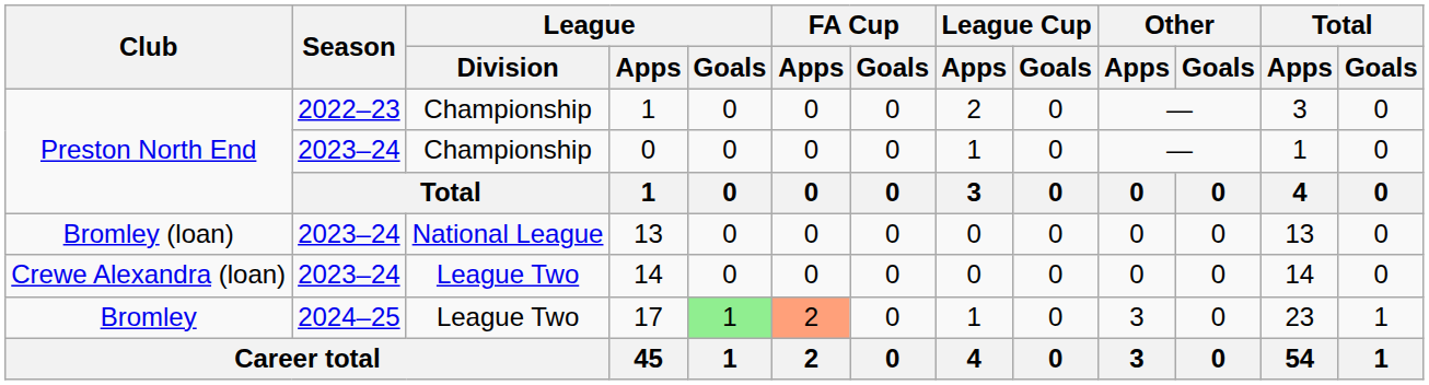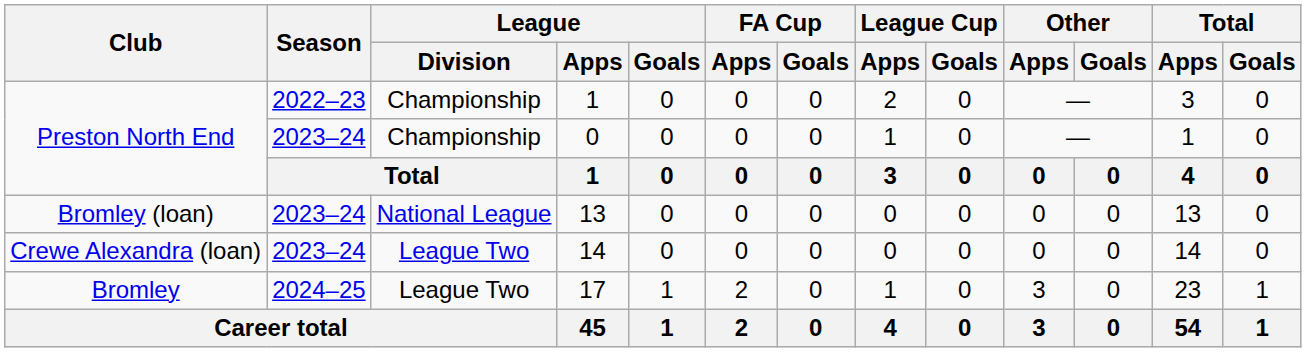 <table class="wikitable" style="text-align: center;">
 <tr>
 <th rowspan="2">Club</th>
 <th rowspan="2">Season</th>
 <th colspan="3">League</th>
 <th colspan="2">FA Cup</th>
 <th colspan="2">League Cup</th>
 <th colspan="2">Other</th>
 <th colspan="2">Total</th>
 </tr>
 <tr>
 <th>Division</th>
 <th>Apps</th>
 <th>Goals</th>
 <th>Apps</th>
 <th>Goals</th>
 <th>Apps</th>
 <th>Goals</th>
 <th>Apps</th>
 <th>Goals</th>
 <th>Apps</th>
 <th>Goals</th>
 </tr>
 <tr>
 <td rowspan=3><a href='#'>Preston North End</a></td>
 <td><a href='#'>2022–23</a></td>
 <td>Championship</td>
 <td>1</td>
 <td>0</td>
 <td>0</td>
 <td>0</td>
 <td>2</td>
 <td>0</td>
 <td colspan="2">—</td>
 <td>3</td>
 <td>0</td>
 </tr>
 <tr>
 <td><a href='#'>2023–24</a></td>
 <td>Championship</td>
 <td>0</td>
 <td>0</td>
 <td>0</td>
 <td>0</td>
 <td>1</td>
 <td>0</td>
 <td colspan="2">—</td>
 <td>1</td>
 <td>0</td>
 </tr>
 <tr>
 <th colspan=2>Total</th>
 <th>1</th>
 <th>0</th>
 <th>0</th>
 <th>0</th>
 <th>3</th>
 <th>0</th>
 <th>0</th>
 <th>0</th>
 <th>4</th>
 <th>0</th>
 </tr>
 <tr>
 <td><a href='#'>Bromley</a> (loan)</td>
 <td><a href='#'>2023–24</a></td>
 <td><a href='#'>National League</a></td>
 <td>13</td>
 <td>0</td>
 <td>0</td>
 <td>0</td>
 <td>0</td>
 <td>0</td>
 <td>0</td>
 <td>0</td>
 <td>13</td>
 <td>0</td>
 </tr>
 <tr>
 <td><a href='#'>Crewe Alexandra</a> (loan)</td>
 <td><a href='#'>2023–24</a></td>
 <td><a href='#'>League Two</a></td>
 <td>14</td>
 <td>0</td>
 <td>0</td>
 <td>0</td>
 <td>0</td>
 <td>0</td>
 <td>0</td>
 <td>0</td>
 <td>14</td>
 <td>0</td>
 </tr>
 <tr>
 <td><a href='#'>Bromley</a></td>
 <td><a href='#'>2024–25</a></td>
 <td>League Two</td>
 <td>17</td>
-<td style="background: lightgreen;">1</td>
-<td style="background: lightsalmon;">2</td>
+<td>1</td>
+<td>2</td>
 <td>0</td>
 <td>1</td>
 <td>0</td>
 <td>3</td>
 <td>0</td>
 <td>23</td>
 <td>1</td>
 </tr>
 <tr>
 <th colspan="3">Career total</th>
 <th>45</th>
 <th>1</th>
 <th>2</th>
 <th>0</th>
 <th>4</th>
 <th>0</th>
 <th>3</th>
 <th>0</th>
 <th>54</th>
 <th>1</th>
 </tr>
 </table>
